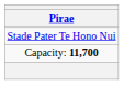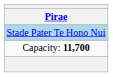 <table class="wikitable" style="text-align:center">
 <tr>
 <th></th>
 </tr>
 <tr>
 <th><a href='#'>Pirae</a></th>
 </tr>
 <tr>
-<td><a href='#'>Stade Pater Te Hono Nui</a></td>
+<td style="background: lightblue;"><a href='#'>Stade Pater Te Hono Nui</a></td>
 </tr>
 <tr>
 <td>Capacity: <strong>11,700</strong></td>
 </tr>
 <tr>
 <th rowspan="4"><br></th>
 </tr>
 </table>
